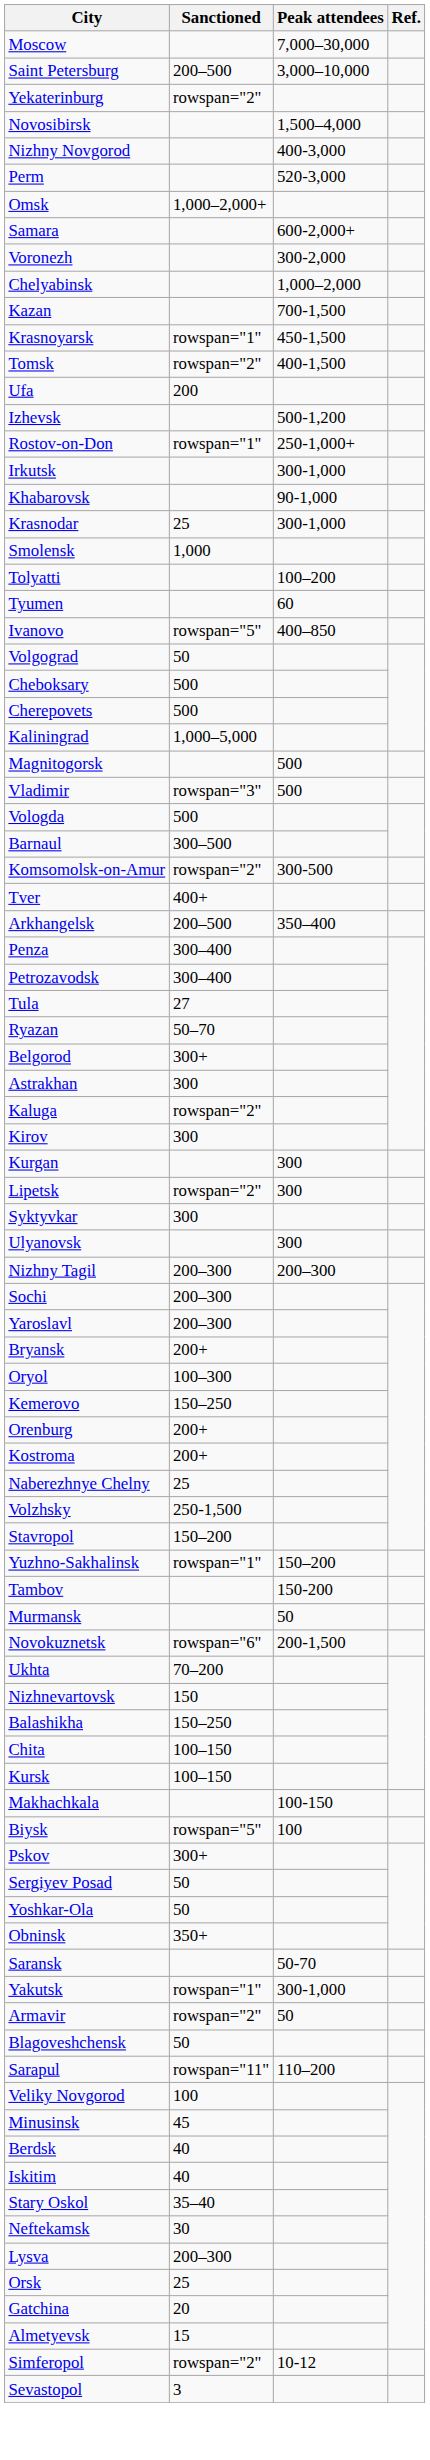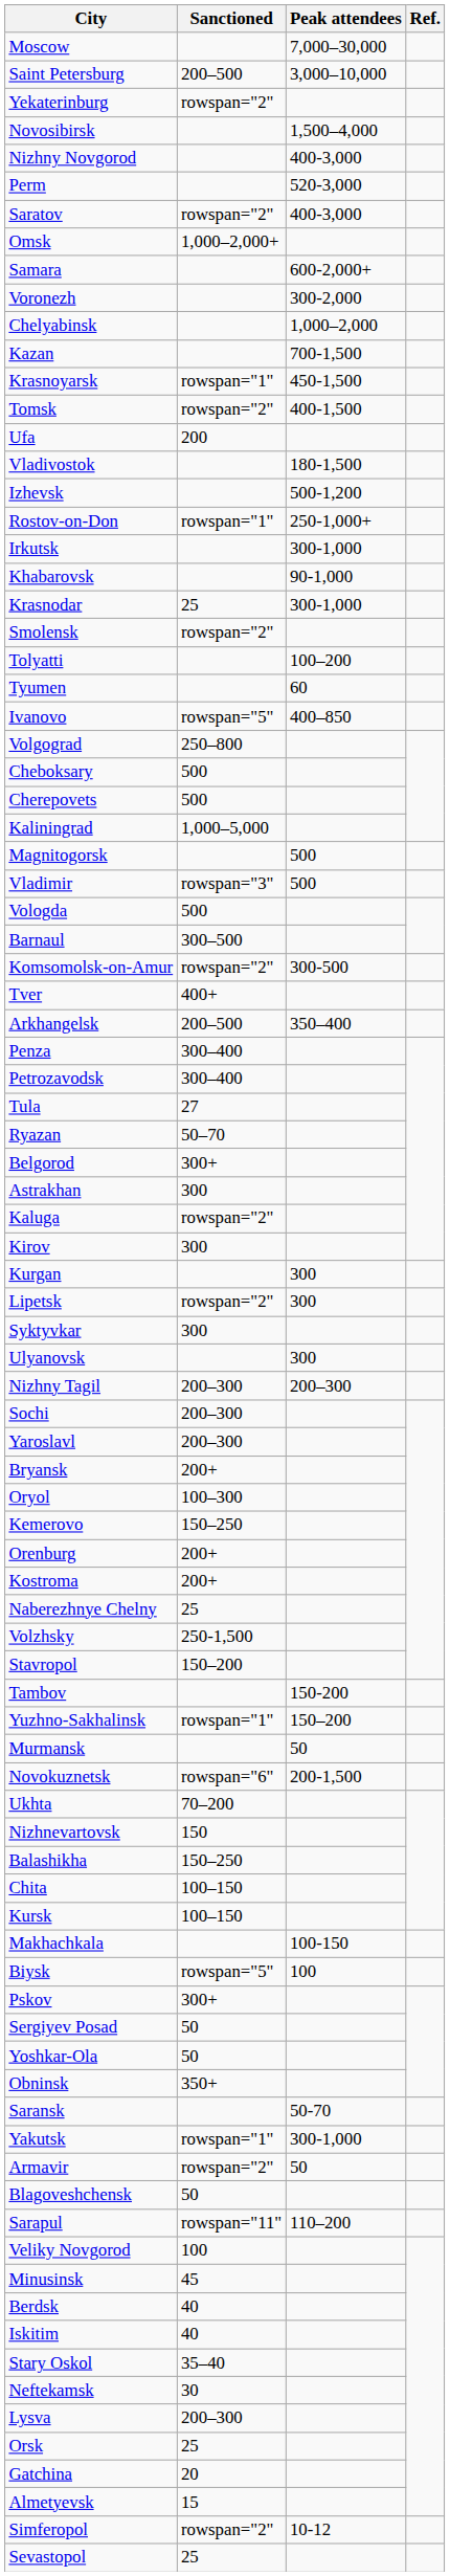 <table class="wikitable collapsible collapsed">
 <tr>
 <th>City</th>
 <th>Sanctioned</th>
 <th>Peak attendees</th>
 <th>Ref.</th>
 </tr>
 <tr>
 <td><a href='#'>Moscow</a></td>
 <td></td>
 <td>7,000–30,000</td>
 <td></td>
 </tr>
 <tr>
 <td><a href='#'>Saint Petersburg</a></td>
 <td>200–500</td>
 <td>3,000–10,000</td>
 <td></td>
 </tr>
 <tr>
 <td><a href='#'>Yekaterinburg</a></td>
 <td>rowspan="2" </td>
 <td></td>
 </tr>
 <tr>
 <td><a href='#'>Novosibirsk</a></td>
 <td></td>
 <td>1,500–4,000</td>
 <td></td>
 </tr>
 <tr>
 <td><a href='#'>Nizhny Novgorod</a></td>
 <td></td>
 <td>400-3,000</td>
 <td></td>
 </tr>
 <tr>
 <td><a href='#'>Perm</a></td>
 <td></td>
 <td>520-3,000</td>
+<td></td>
+</tr>
+<tr>
+<td><a href='#'>Saratov</a></td>
+<td>rowspan="2" </td>
+<td>400-3,000</td>
 <td></td>
 </tr>
 <tr>
 <td><a href='#'>Omsk</a></td>
 <td>1,000–2,000+</td>
 <td></td>
 </tr>
 <tr>
 <td><a href='#'>Samara</a></td>
 <td></td>
 <td>600-2,000+</td>
 <td></td>
 </tr>
 <tr>
 <td><a href='#'>Voronezh</a></td>
 <td></td>
 <td>300-2,000</td>
 <td></td>
 </tr>
 <tr>
 <td><a href='#'>Chelyabinsk</a></td>
 <td></td>
 <td>1,000–2,000</td>
 <td></td>
 </tr>
 <tr>
 <td><a href='#'>Kazan</a></td>
 <td></td>
 <td>700-1,500</td>
 <td></td>
 </tr>
 <tr>
 <td><a href='#'>Krasnoyarsk</a></td>
 <td>rowspan="1" </td>
 <td>450-1,500</td>
 <td></td>
 </tr>
 <tr>
 <td><a href='#'>Tomsk</a></td>
 <td>rowspan="2" </td>
 <td>400-1,500</td>
 <td></td>
 </tr>
 <tr>
 <td><a href='#'>Ufa</a></td>
 <td>200</td>
 <td></td>
 </tr>
 <tr>
+<td><a href='#'>Vladivostok</a></td>
+<td></td>
+<td>180-1,500</td>
+<td></td>
+</tr>
+<tr>
 <td><a href='#'>Izhevsk</a></td>
 <td></td>
 <td>500-1,200</td>
 <td></td>
 </tr>
 <tr>
 <td><a href='#'>Rostov-on-Don</a></td>
 <td>rowspan="1" </td>
 <td>250-1,000+</td>
 <td></td>
 </tr>
 <tr>
 <td><a href='#'>Irkutsk</a></td>
 <td></td>
 <td>300-1,000</td>
 <td></td>
 </tr>
 <tr>
 <td><a href='#'>Khabarovsk</a></td>
 <td></td>
 <td>90-1,000</td>
 <td></td>
 </tr>
 <tr>
 <td><a href='#'>Krasnodar</a></td>
 <td>25</td>
 <td>300-1,000</td>
 <td></td>
 </tr>
 <tr>
 <td><a href='#'>Smolensk</a></td>
-<td>1,000</td>
+<td>rowspan="2" </td>
 <td></td>
 </tr>
 <tr>
 <td><a href='#'>Tolyatti</a></td>
 <td></td>
 <td>100–200</td>
 <td></td>
 </tr>
 <tr>
 <td><a href='#'>Tyumen</a></td>
 <td></td>
 <td>60</td>
 <td></td>
 </tr>
 <tr>
 <td><a href='#'>Ivanovo</a></td>
 <td>rowspan="5" </td>
 <td>400–850</td>
 <td></td>
 </tr>
 <tr>
 <td><a href='#'>Volgograd</a></td>
-<td>50</td>
+<td>250–800</td>
 <td></td>
 </tr>
 <tr>
 <td><a href='#'>Cheboksary</a></td>
 <td>500</td>
 <td></td>
 </tr>
 <tr>
 <td><a href='#'>Cherepovets</a></td>
 <td>500</td>
 <td></td>
 </tr>
 <tr>
 <td><a href='#'>Kaliningrad</a></td>
 <td>1,000–5,000</td>
 <td></td>
 </tr>
 <tr>
 <td><a href='#'>Magnitogorsk</a></td>
 <td></td>
 <td>500</td>
 <td></td>
 </tr>
 <tr>
 <td><a href='#'>Vladimir</a></td>
 <td>rowspan="3" </td>
 <td>500</td>
 <td></td>
 </tr>
 <tr>
 <td><a href='#'>Vologda</a></td>
 <td>500</td>
 <td></td>
 </tr>
 <tr>
 <td><a href='#'>Barnaul</a></td>
 <td>300–500</td>
 <td></td>
 </tr>
 <tr>
 <td><a href='#'>Komsomolsk-on-Amur</a></td>
 <td>rowspan="2" </td>
 <td>300-500</td>
 <td></td>
 </tr>
 <tr>
 <td><a href='#'>Tver</a></td>
 <td>400+</td>
 <td></td>
 </tr>
 <tr>
 <td><a href='#'>Arkhangelsk</a></td>
 <td>200–500</td>
 <td>350–400</td>
 <td></td>
 </tr>
 <tr>
 <td><a href='#'>Penza</a></td>
 <td>300–400</td>
 <td></td>
 </tr>
 <tr>
 <td><a href='#'>Petrozavodsk</a></td>
 <td>300–400</td>
 <td></td>
 </tr>
 <tr>
 <td><a href='#'>Tula</a></td>
 <td>27</td>
 <td></td>
 </tr>
 <tr>
 <td><a href='#'>Ryazan</a></td>
 <td>50–70</td>
 <td></td>
 </tr>
 <tr>
 <td><a href='#'>Belgorod</a></td>
 <td>300+</td>
 <td></td>
 </tr>
 <tr>
 <td><a href='#'>Astrakhan</a></td>
 <td>300</td>
 <td></td>
 </tr>
 <tr>
 <td><a href='#'>Kaluga</a></td>
 <td>rowspan="2" </td>
 <td></td>
 </tr>
 <tr>
 <td><a href='#'>Kirov</a></td>
 <td>300</td>
 <td></td>
 </tr>
 <tr>
 <td><a href='#'>Kurgan</a></td>
 <td></td>
 <td>300</td>
 <td></td>
 </tr>
 <tr>
 <td><a href='#'>Lipetsk</a></td>
 <td>rowspan="2" </td>
 <td>300</td>
 <td></td>
 </tr>
 <tr>
 <td><a href='#'>Syktyvkar</a></td>
 <td>300</td>
 <td></td>
 </tr>
 <tr>
 <td><a href='#'>Ulyanovsk</a></td>
 <td></td>
 <td>300</td>
 <td></td>
 </tr>
 <tr>
 <td><a href='#'>Nizhny Tagil</a></td>
 <td>200–300</td>
 <td>200–300</td>
 <td></td>
 </tr>
 <tr>
 <td><a href='#'>Sochi</a></td>
 <td>200–300</td>
 <td></td>
 </tr>
 <tr>
 <td><a href='#'>Yaroslavl</a></td>
 <td>200–300</td>
 <td></td>
 </tr>
 <tr>
 <td><a href='#'>Bryansk</a></td>
 <td>200+</td>
 <td></td>
 </tr>
 <tr>
 <td><a href='#'>Oryol</a></td>
 <td>100–300</td>
 <td></td>
 </tr>
 <tr>
 <td><a href='#'>Kemerovo</a></td>
 <td>150–250</td>
 <td></td>
 </tr>
 <tr>
 <td><a href='#'>Orenburg</a></td>
 <td>200+</td>
 <td></td>
 </tr>
 <tr>
 <td><a href='#'>Kostroma</a></td>
 <td>200+</td>
 <td></td>
 </tr>
 <tr>
 <td><a href='#'>Naberezhnye Chelny</a></td>
 <td>25</td>
 <td></td>
 </tr>
 <tr>
 <td><a href='#'>Volzhsky</a></td>
 <td>250-1,500</td>
 <td></td>
 </tr>
 <tr>
 <td><a href='#'>Stavropol</a></td>
 <td>150–200</td>
 <td></td>
 </tr>
 <tr>
+<td><a href='#'>Tambov</a></td>
+<td></td>
+<td>150-200</td>
+<td></td>
+</tr>
+<tr>
 <td><a href='#'>Yuzhno-Sakhalinsk</a></td>
 <td>rowspan="1" </td>
 <td>150–200</td>
-<td></td>
-</tr>
-<tr>
-<td><a href='#'>Tambov</a></td>
-<td></td>
-<td>150-200</td>
 <td></td>
 </tr>
 <tr>
 <td><a href='#'>Murmansk</a></td>
 <td></td>
 <td>50</td>
 <td></td>
 </tr>
 <tr>
 <td><a href='#'>Novokuznetsk</a></td>
 <td>rowspan="6" </td>
 <td>200-1,500</td>
 <td></td>
 </tr>
 <tr>
 <td><a href='#'>Ukhta</a></td>
 <td>70–200</td>
 <td></td>
 </tr>
 <tr>
 <td><a href='#'>Nizhnevartovsk</a></td>
 <td>150</td>
 <td></td>
 </tr>
 <tr>
 <td><a href='#'>Balashikha</a></td>
 <td>150–250</td>
 <td></td>
 </tr>
 <tr>
 <td><a href='#'>Chita</a></td>
 <td>100–150</td>
 <td></td>
 </tr>
 <tr>
 <td><a href='#'>Kursk</a></td>
 <td>100–150</td>
 <td></td>
 </tr>
 <tr>
 <td><a href='#'>Makhachkala</a></td>
 <td></td>
 <td>100-150</td>
 <td></td>
 </tr>
 <tr>
 <td><a href='#'>Biysk</a></td>
 <td>rowspan="5" </td>
 <td>100</td>
 <td></td>
 </tr>
 <tr>
 <td><a href='#'>Pskov</a></td>
 <td>300+</td>
 <td></td>
 </tr>
 <tr>
 <td><a href='#'>Sergiyev Posad</a></td>
 <td>50</td>
 <td></td>
 </tr>
 <tr>
 <td><a href='#'>Yoshkar-Ola</a></td>
 <td>50</td>
 <td></td>
 </tr>
 <tr>
 <td><a href='#'>Obninsk</a></td>
 <td>350+</td>
 <td></td>
 </tr>
 <tr>
 <td><a href='#'>Saransk</a></td>
 <td></td>
 <td>50-70</td>
 <td></td>
 </tr>
 <tr>
 <td><a href='#'>Yakutsk</a></td>
 <td>rowspan="1" </td>
 <td>300-1,000</td>
 <td></td>
 </tr>
 <tr>
 <td><a href='#'>Armavir</a></td>
 <td>rowspan="2" </td>
 <td>50</td>
 <td></td>
 </tr>
 <tr>
 <td><a href='#'>Blagoveshchensk</a></td>
 <td>50</td>
 <td></td>
 </tr>
 <tr>
 <td><a href='#'>Sarapul</a></td>
 <td>rowspan="11" </td>
 <td>110–200</td>
 <td></td>
 </tr>
 <tr>
 <td><a href='#'>Veliky Novgorod</a></td>
 <td>100</td>
 <td></td>
 </tr>
 <tr>
 <td><a href='#'>Minusinsk</a></td>
 <td>45</td>
 <td></td>
 </tr>
 <tr>
 <td><a href='#'>Berdsk</a></td>
 <td>40</td>
 <td></td>
 </tr>
 <tr>
 <td><a href='#'>Iskitim</a></td>
 <td>40</td>
 <td></td>
 </tr>
 <tr>
 <td><a href='#'>Stary Oskol</a></td>
 <td>35–40</td>
 <td></td>
 </tr>
 <tr>
 <td><a href='#'>Neftekamsk</a></td>
 <td>30</td>
 <td></td>
 </tr>
 <tr>
 <td><a href='#'>Lysva</a></td>
 <td>200–300</td>
 <td></td>
 </tr>
 <tr>
 <td><a href='#'>Orsk</a></td>
 <td>25</td>
 <td></td>
 </tr>
 <tr>
 <td><a href='#'>Gatchina</a></td>
 <td>20</td>
 <td></td>
 </tr>
 <tr>
 <td><a href='#'>Almetyevsk</a></td>
 <td>15</td>
 <td></td>
 </tr>
 <tr>
 <td><a href='#'>Simferopol</a></td>
 <td>rowspan="2" </td>
 <td>10-12</td>
 <td></td>
 </tr>
 <tr>
 <td><a href='#'>Sevastopol</a></td>
-<td>3</td>
+<td>25</td>
 <td></td>
 </tr>
 </table>
